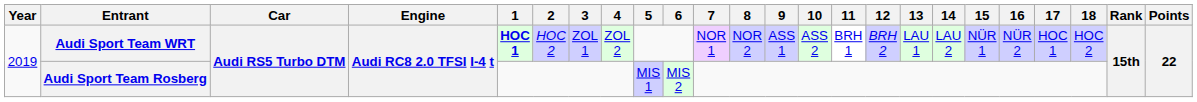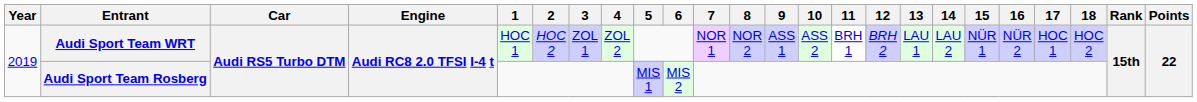 <table class="wikitable" style="text-align:center; font-size:85%">
 <tr>
 <th>Year</th>
 <th>Entrant</th>
 <th>Car</th>
 <th>Engine</th>
 <th>1</th>
 <th>2</th>
 <th>3</th>
 <th>4</th>
 <th>5</th>
 <th>6</th>
 <th>7</th>
 <th>8</th>
 <th>9</th>
 <th>10</th>
 <th>11</th>
 <th>12</th>
 <th>13</th>
 <th>14</th>
 <th>15</th>
 <th>16</th>
 <th>17</th>
 <th>18</th>
 <th>Rank</th>
 <th>Points</th>
 </tr>
 <tr>
 <td rowspan=2><a href='#'>2019</a></td>
 <th nowrap><a href='#'>Audi Sport Team WRT</a></th>
 <th rowspan=2 nowrap><a href='#'>Audi RS5 Turbo DTM</a></th>
 <th rowspan=2 nowrap><a href='#'>Audi RC8 2.0 TFSI</a> <a href='#'>I-4</a> <a href='#'>t</a></th>
-<td style="background:#DFFFDF;"><strong><a href='#'>HOC<br>1</a><br></strong></td>
+<td style="background:#DFFFDF;"><a href='#'>HOC<br>1</a><br></td>
 <td style="background:#CFCFFF;"><em><a href='#'>HOC<br>2</a></em><br></td>
 <td style="background:#CFCFFF;"><a href='#'>ZOL<br>1</a><br></td>
 <td style="background:#DFFFDF;"><a href='#'>ZOL<br>2</a><br></td>
 <td colspan=2></td>
 <td style="background:#EFCFFF;"><a href='#'>NOR<br>1</a><br></td>
 <td style="background:#CFCFFF;"><a href='#'>NOR<br>2</a><br></td>
 <td style="background:#CFCFFF;"><a href='#'>ASS<br>1</a><br></td>
 <td style="background:#DFFFDF;"><a href='#'>ASS<br>2</a><br></td>
 <td style="background:#FFFFFF;"><a href='#'>BRH<br>1</a><br></td>
 <td style="background:#CFCFFF;"><em><a href='#'>BRH<br>2</a></em><br></td>
 <td style="background:#DFFFDF;"><a href='#'>LAU<br>1</a><br></td>
 <td style="background:#DFFFDF;"><a href='#'>LAU<br>2</a><br></td>
 <td style="background:#CFCFFF;"><a href='#'>NÜR<br>1</a><br></td>
 <td style="background:#CFCFFF;"><a href='#'>NÜR<br>2</a><br></td>
 <td style="background:#CFCFFF;"><a href='#'>HOC<br>1</a><br></td>
 <td style="background:#CFCFFF;"><a href='#'>HOC<br>2</a><br></td>
 <th rowspan=2>15th</th>
 <th rowspan=2>22</th>
 </tr>
 <tr>
 <th nowrap><a href='#'>Audi Sport Team Rosberg</a></th>
 <td colspan=4></td>
 <td style="background:#CFCFFF;"><a href='#'>MIS<br>1</a><br></td>
 <td style="background:#DFFFDF;"><a href='#'>MIS<br>2</a><br></td>
 <td colspan=12></td>
 </tr>
 </table>
